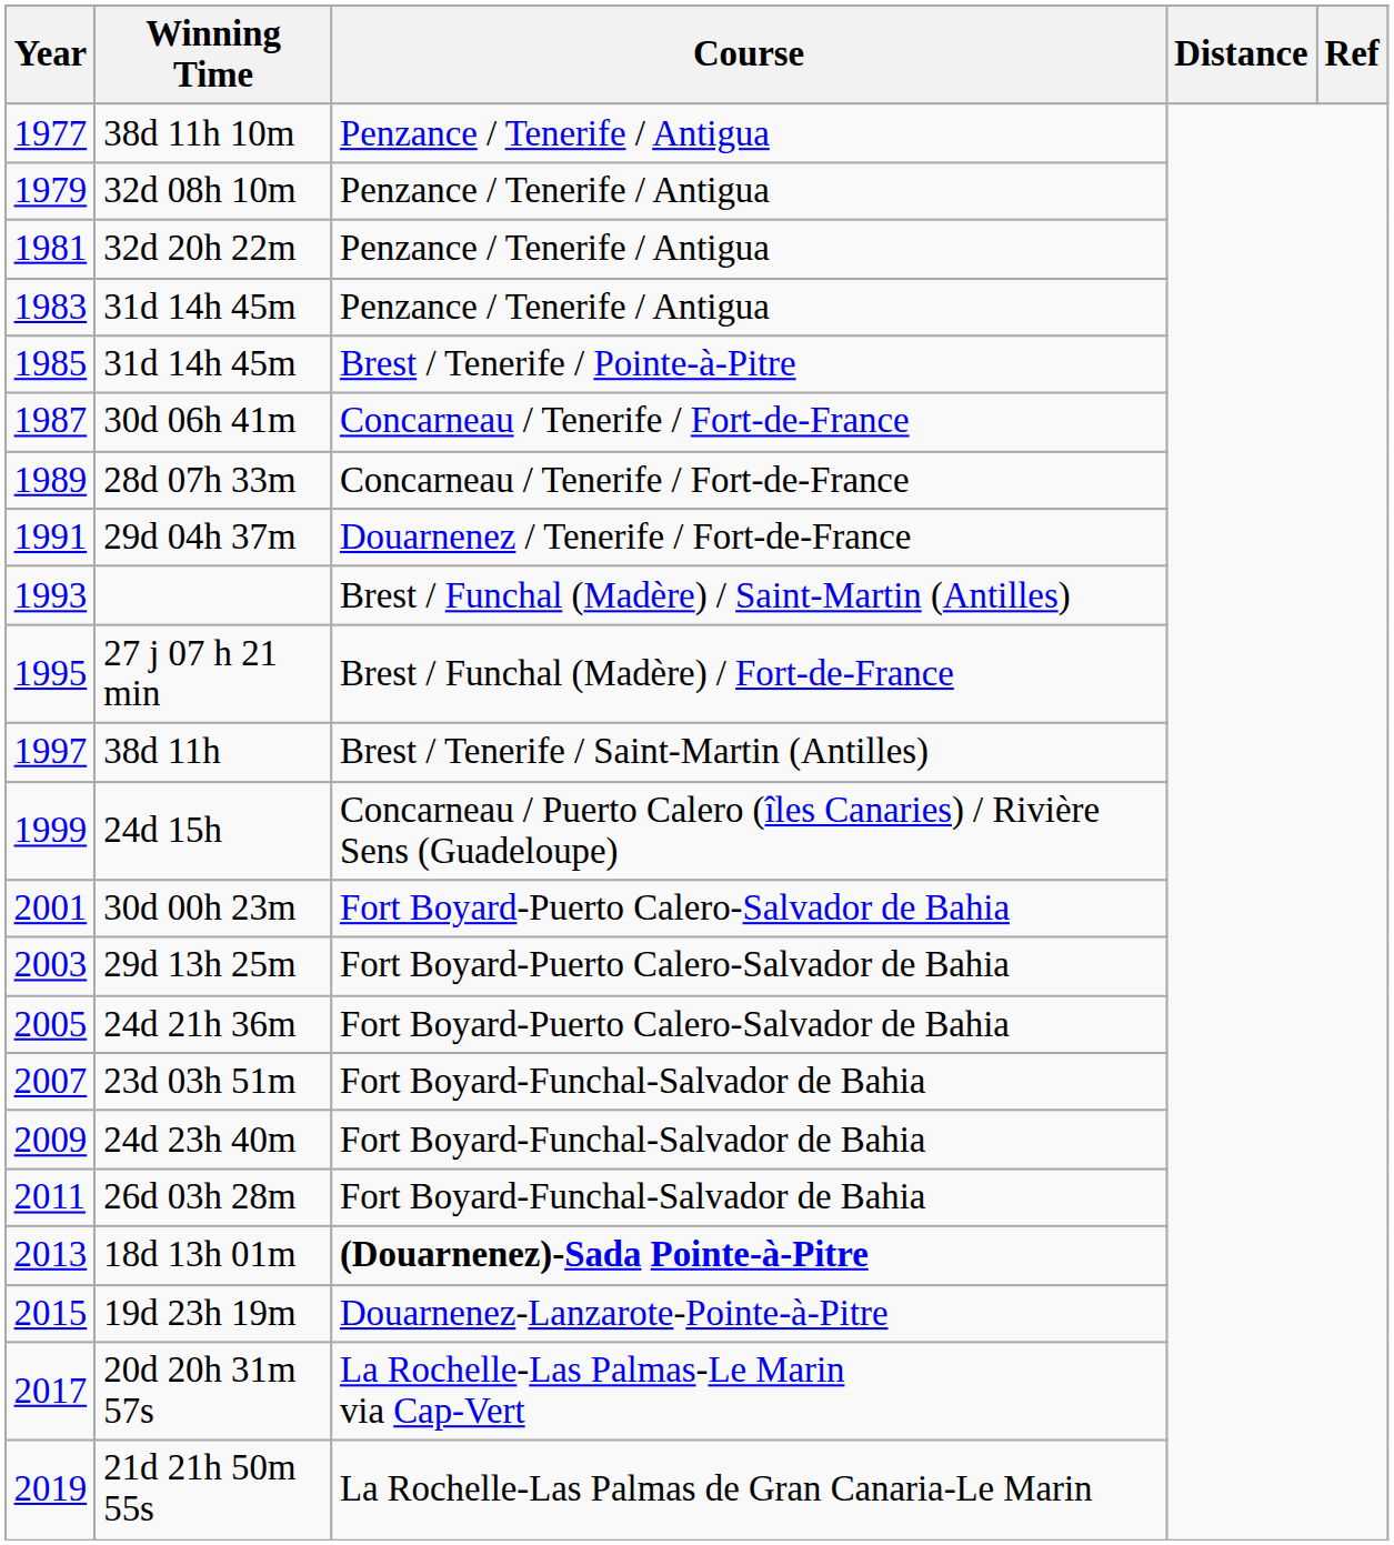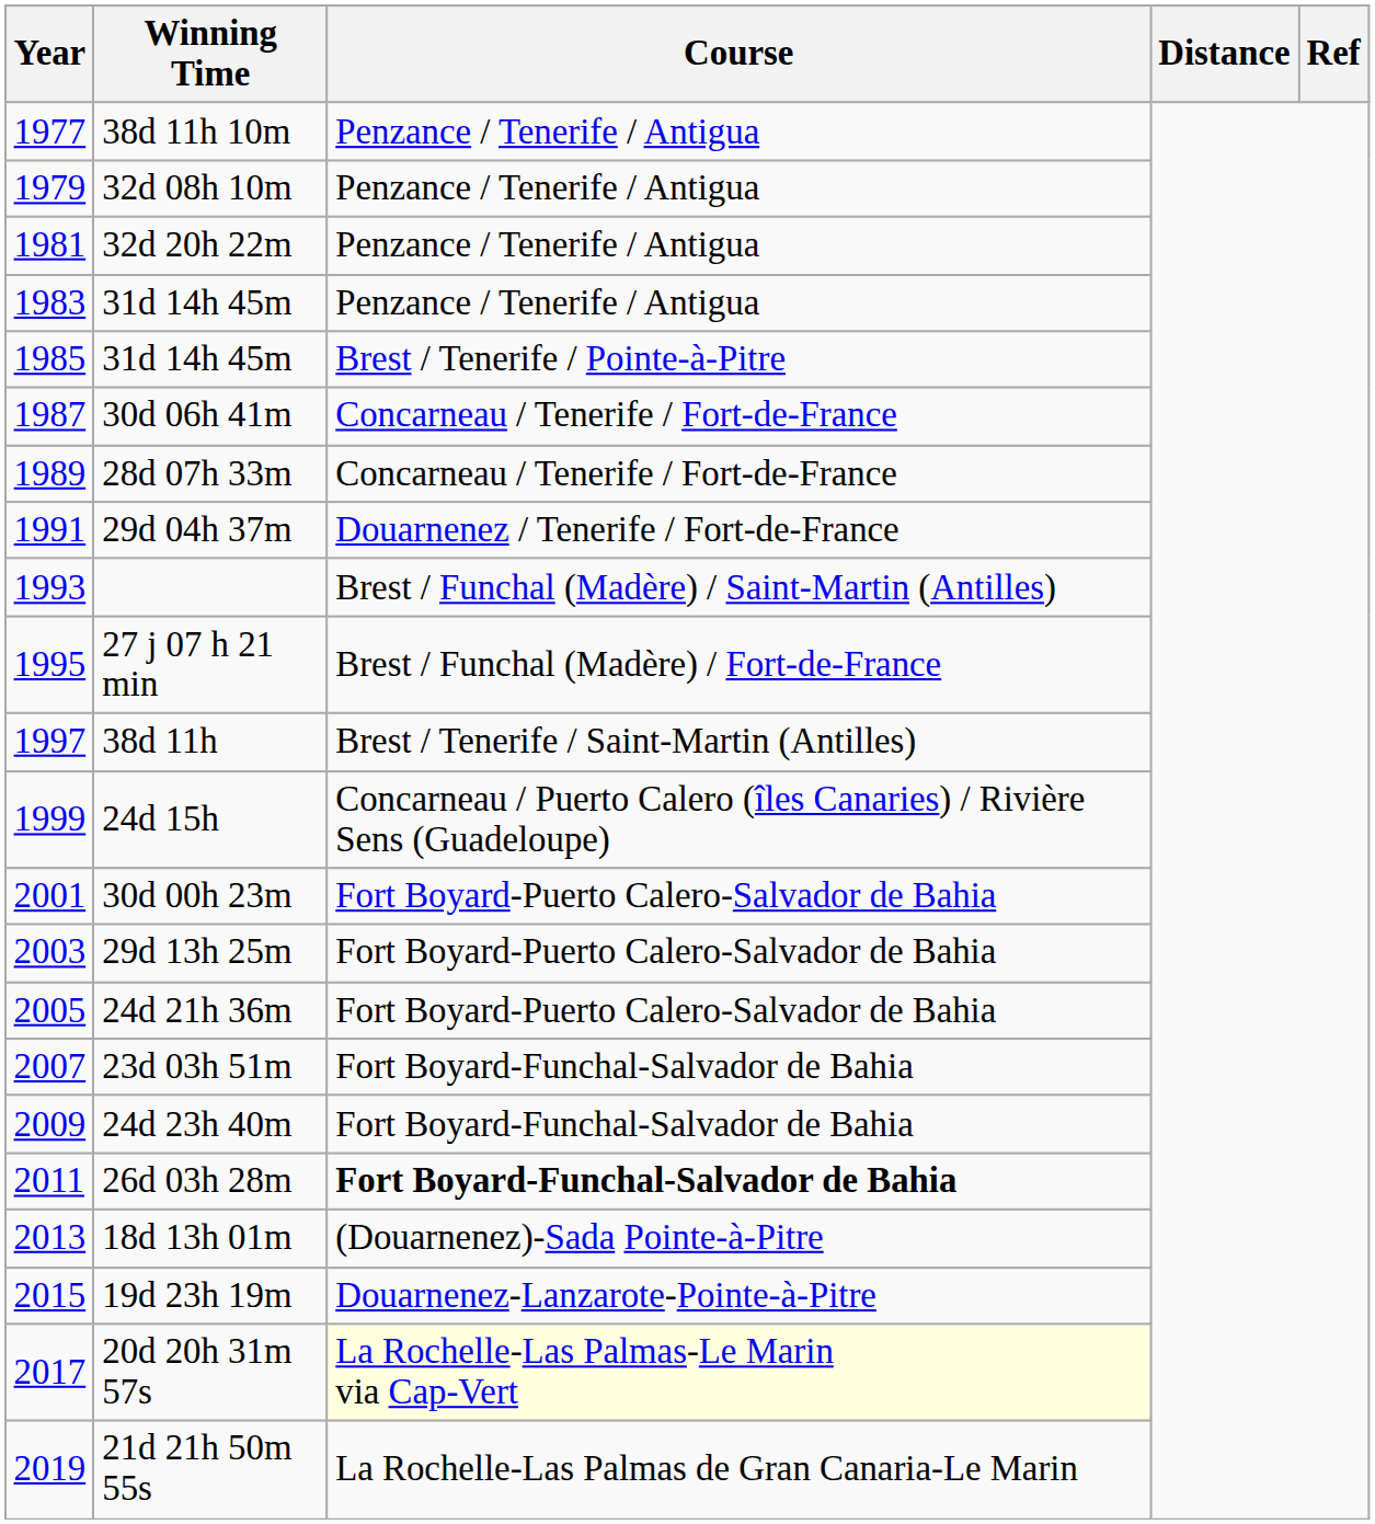 <table class="wikitable">
 <tr>
 <th>Year</th>
 <th>Winning Time</th>
 <th>Course</th>
 <th>Distance</th>
 <th>Ref</th>
 </tr>
 <tr>
 <td><a href='#'>1977</a></td>
 <td>38d 11h 10m</td>
 <td><a href='#'>Penzance</a> / <a href='#'>Tenerife</a> / <a href='#'>Antigua</a></td>
 </tr>
 <tr>
 <td><a href='#'>1979</a></td>
 <td>32d 08h 10m</td>
 <td>Penzance / Tenerife / Antigua</td>
 </tr>
 <tr>
 <td><a href='#'>1981</a></td>
 <td>32d 20h 22m</td>
 <td>Penzance / Tenerife / Antigua</td>
 </tr>
 <tr>
 <td><a href='#'>1983</a></td>
 <td>31d 14h 45m</td>
 <td>Penzance / Tenerife / Antigua</td>
 </tr>
 <tr>
 <td><a href='#'>1985</a></td>
 <td>31d 14h 45m</td>
 <td><a href='#'>Brest</a> / Tenerife / <a href='#'>Pointe-à-Pitre</a></td>
 </tr>
 <tr>
 <td><a href='#'>1987</a></td>
 <td>30d 06h 41m</td>
 <td><a href='#'>Concarneau</a> / Tenerife / <a href='#'>Fort-de-France</a></td>
 </tr>
 <tr>
 <td><a href='#'>1989</a></td>
 <td>28d 07h 33m</td>
 <td>Concarneau / Tenerife / Fort-de-France</td>
 </tr>
 <tr>
 <td><a href='#'>1991</a></td>
 <td>29d 04h 37m</td>
 <td><a href='#'>Douarnenez</a> / Tenerife / Fort-de-France</td>
 </tr>
 <tr>
 <td><a href='#'>1993</a></td>
 <td></td>
 <td>Brest / <a href='#'>Funchal</a> (<a href='#'>Madère</a>) / <a href='#'>Saint-Martin</a> (<a href='#'>Antilles</a>)</td>
 </tr>
 <tr>
 <td><a href='#'>1995</a></td>
 <td>27 j 07 h 21 min</td>
 <td>Brest / Funchal (Madère) / <a href='#'>Fort-de-France</a></td>
 </tr>
 <tr>
 <td><a href='#'>1997</a></td>
 <td>38d 11h</td>
 <td>Brest / Tenerife / Saint-Martin (Antilles)</td>
 </tr>
 <tr>
 <td><a href='#'>1999</a></td>
 <td>24d 15h</td>
 <td>Concarneau / Puerto Calero (<a href='#'>îles Canaries</a>) / Rivière Sens (Guadeloupe)</td>
 </tr>
 <tr>
 <td><a href='#'>2001</a></td>
 <td>30d 00h 23m</td>
 <td><a href='#'>Fort Boyard</a>-Puerto Calero-<a href='#'>Salvador de Bahia</a></td>
 </tr>
 <tr>
 <td><a href='#'>2003</a></td>
 <td>29d 13h 25m</td>
 <td>Fort Boyard-Puerto Calero-Salvador de Bahia</td>
 </tr>
 <tr>
 <td><a href='#'>2005</a></td>
 <td>24d 21h 36m</td>
 <td>Fort Boyard-Puerto Calero-Salvador de Bahia</td>
 </tr>
 <tr>
 <td><a href='#'>2007</a></td>
 <td>23d 03h 51m</td>
 <td>Fort Boyard-Funchal-Salvador de Bahia</td>
 </tr>
 <tr>
 <td><a href='#'>2009</a></td>
 <td>24d 23h 40m</td>
 <td>Fort Boyard-Funchal-Salvador de Bahia</td>
 </tr>
 <tr>
 <td><a href='#'>2011</a></td>
 <td>26d 03h 28m</td>
-<td>Fort Boyard-Funchal-Salvador de Bahia</td>
+<td><strong>Fort Boyard-Funchal-Salvador de Bahia</strong></td>
 </tr>
 <tr>
 <td><a href='#'>2013</a></td>
 <td>18d 13h 01m</td>
-<td><strong>(Douarnenez)-<a href='#'>Sada</a> <a href='#'>Pointe-à-Pitre</a></strong></td>
+<td>(Douarnenez)-<a href='#'>Sada</a> <a href='#'>Pointe-à-Pitre</a></td>
 </tr>
 <tr>
 <td><a href='#'>2015</a></td>
 <td>19d 23h 19m</td>
 <td><a href='#'>Douarnenez</a>-<a href='#'>Lanzarote</a>-<a href='#'>Pointe-à-Pitre</a></td>
 </tr>
 <tr>
 <td><a href='#'>2017</a></td>
 <td>20d 20h 31m 57s</td>
-<td><a href='#'>La Rochelle</a>-<a href='#'>Las Palmas</a>-<a href='#'>Le Marin</a><br>via <a href='#'>Cap-Vert</a></td>
+<td style="background: lightyellow;"><a href='#'>La Rochelle</a>-<a href='#'>Las Palmas</a>-<a href='#'>Le Marin</a><br>via <a href='#'>Cap-Vert</a></td>
 </tr>
 <tr>
 <td><a href='#'>2019</a></td>
 <td>21d 21h 50m 55s</td>
 <td>La Rochelle-Las Palmas de Gran Canaria-Le Marin</td>
 </tr>
 </table>
